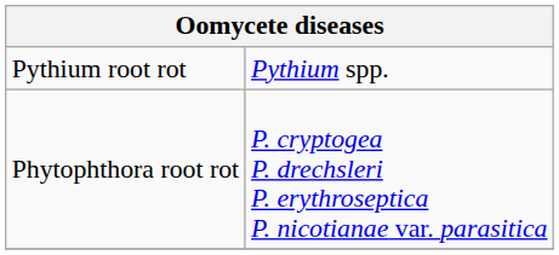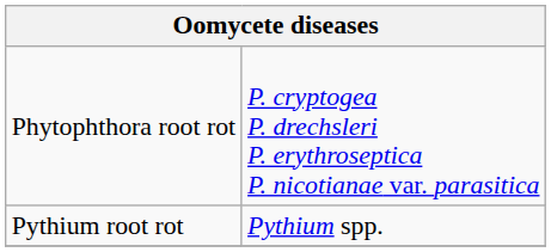 <table class="wikitable" style="clear">
 <tr>
 <th colspan=2><strong>Oomycete diseases</strong><br></th>
+</tr>
+<tr>
+<td>Phytophthora root rot</td>
+<td><br><em><a href='#'>P. cryptogea</a></em><br> <em><a href='#'>P. drechsleri</a></em><br> <em><a href='#'>P. erythroseptica</a></em><br> <a href='#'><em>P. nicotianae</em> var. <em>parasitica</em></a></td>
 </tr>
 <tr>
 <td>Pythium root rot</td>
 <td><em><a href='#'>Pythium</a></em> spp.</td>
 </tr>
 <tr>
-<td>Phytophthora root rot</td>
-<td><br><em><a href='#'>P. cryptogea</a></em><br> <em><a href='#'>P. drechsleri</a></em><br> <em><a href='#'>P. erythroseptica</a></em><br> <a href='#'><em>P. nicotianae</em> var. <em>parasitica</em></a></td>
-</tr>
-<tr>
 </tr>
 </table>
